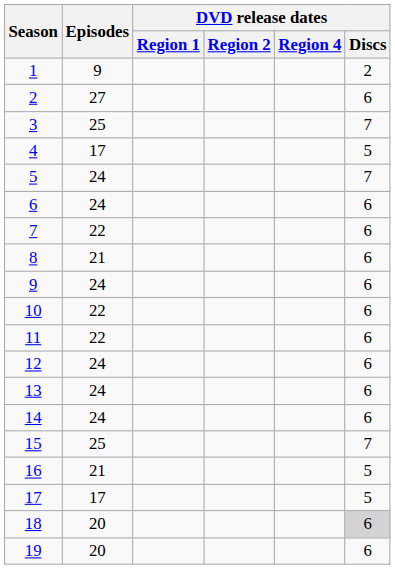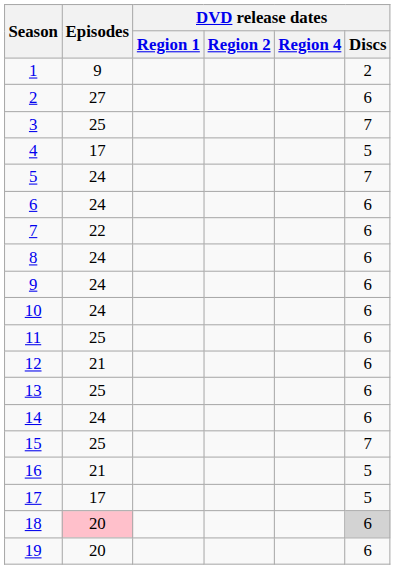 <table class="wikitable plainrowheaders" style="text-align: center;">
 <tr>
 <th scope="col" rowspan="2">Season</th>
 <th scope="col" rowspan="2">Episodes</th>
 <th scope="col" colspan="4"><a href='#'>DVD</a> release dates</th>
 </tr>
 <tr>
 <th scope="col"><a href='#'>Region 1</a></th>
 <th scope="col"><a href='#'>Region 2</a></th>
 <th scope="col"><a href='#'>Region 4</a></th>
 <th scope="col">Discs</th>
 </tr>
 <tr>
 <td scope="row"><a href='#'>1</a></td>
 <td>9</td>
 <td></td>
 <td></td>
 <td></td>
 <td>2</td>
 </tr>
 <tr>
 <td scope="row"><a href='#'>2</a></td>
 <td>27</td>
 <td></td>
 <td></td>
 <td></td>
 <td>6</td>
 </tr>
 <tr>
 <td scope="row"><a href='#'>3</a></td>
 <td>25</td>
 <td></td>
 <td></td>
 <td></td>
 <td>7</td>
 </tr>
 <tr>
 <td scope="row"><a href='#'>4</a></td>
 <td>17</td>
 <td></td>
 <td></td>
 <td></td>
 <td>5</td>
 </tr>
 <tr>
 <td scope="row"><a href='#'>5</a></td>
 <td>24</td>
 <td></td>
 <td></td>
 <td></td>
 <td>7</td>
 </tr>
 <tr>
 <td scope="row"><a href='#'>6</a></td>
 <td>24</td>
 <td></td>
 <td></td>
 <td></td>
 <td>6</td>
 </tr>
 <tr>
 <td scope="row"><a href='#'>7</a></td>
 <td>22</td>
 <td></td>
 <td></td>
 <td></td>
 <td>6</td>
 </tr>
 <tr>
 <td scope="row"><a href='#'>8</a></td>
-<td>21</td>
+<td>24</td>
 <td></td>
 <td></td>
 <td></td>
 <td>6</td>
 </tr>
 <tr>
 <td scope="row"><a href='#'>9</a></td>
 <td>24</td>
 <td></td>
 <td></td>
 <td></td>
 <td>6</td>
 </tr>
 <tr>
 <td scope="row"><a href='#'>10</a></td>
-<td>22</td>
+<td>24</td>
 <td></td>
 <td></td>
 <td></td>
 <td>6</td>
 </tr>
 <tr>
 <td scope="row"><a href='#'>11</a></td>
-<td>22</td>
+<td>25</td>
 <td></td>
 <td></td>
 <td></td>
 <td>6</td>
 </tr>
 <tr>
 <td scope="row"><a href='#'>12</a></td>
-<td>24</td>
+<td>21</td>
 <td></td>
 <td></td>
 <td></td>
 <td>6</td>
 </tr>
 <tr>
 <td scope="row"><a href='#'>13</a></td>
-<td>24</td>
+<td>25</td>
 <td></td>
 <td></td>
 <td></td>
 <td>6</td>
 </tr>
 <tr>
 <td scope="row"><a href='#'>14</a></td>
 <td>24</td>
 <td></td>
 <td></td>
 <td></td>
 <td>6</td>
 </tr>
 <tr>
 <td scope="row"><a href='#'>15</a></td>
 <td>25</td>
 <td></td>
 <td></td>
 <td></td>
 <td>7</td>
 </tr>
 <tr>
 <td scope="row"><a href='#'>16</a></td>
 <td>21</td>
 <td></td>
 <td></td>
 <td></td>
 <td>5</td>
 </tr>
 <tr>
 <td scope="row"><a href='#'>17</a></td>
 <td>17</td>
 <td></td>
 <td></td>
 <td></td>
 <td>5</td>
 </tr>
 <tr>
 <td scope="row"><a href='#'>18</a></td>
-<td>20</td>
+<td style="background: pink;">20</td>
 <td></td>
 <td></td>
 <td></td>
 <td style="background: lightgrey;">6</td>
 </tr>
 <tr>
 <td scope="row"><a href='#'>19</a></td>
 <td>20</td>
 <td></td>
 <td></td>
 <td></td>
 <td>6</td>
 </tr>
 </table>
